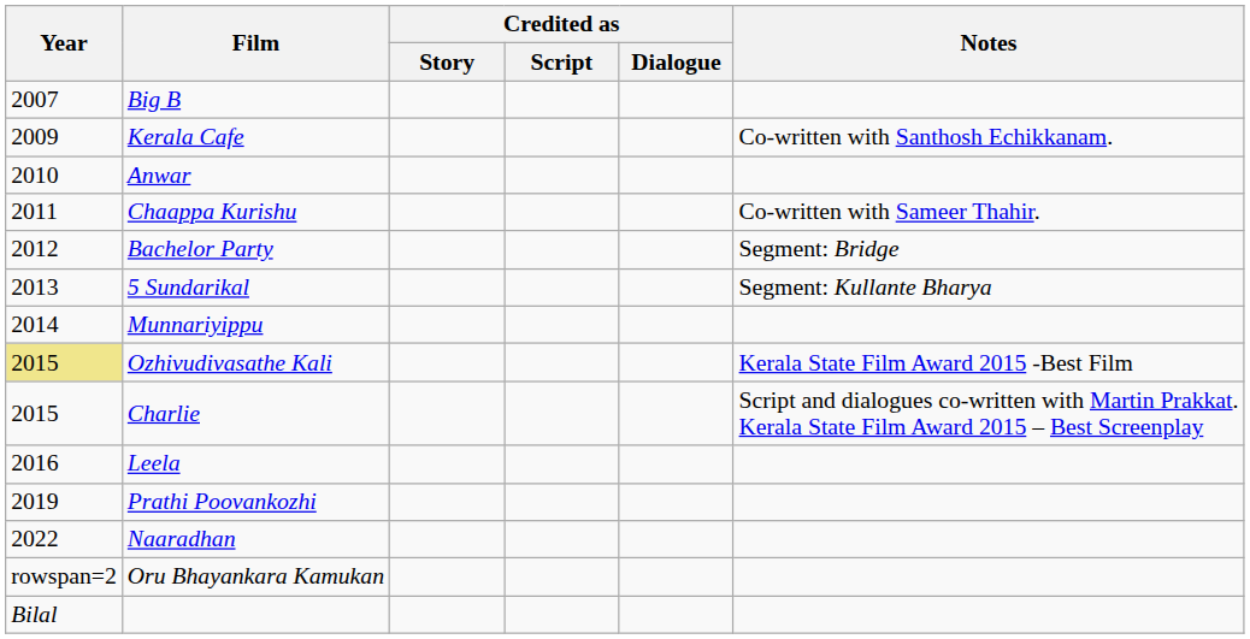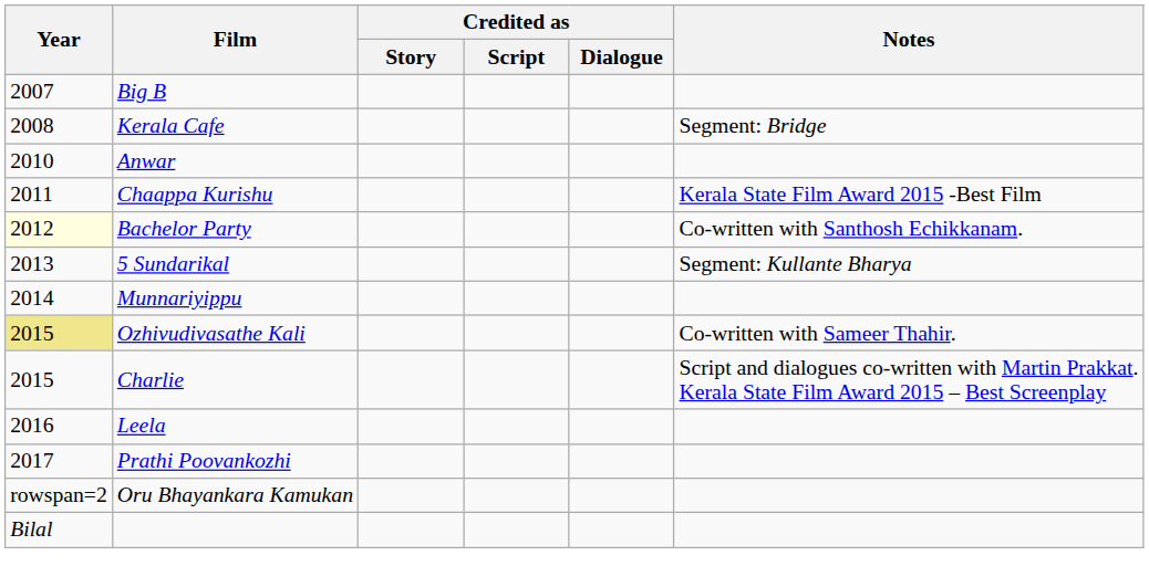 <table class="wikitable">
 <tr>
 <th rowspan="2" width="33">Year</th>
 <th rowspan="2">Film</th>
 <th colspan="3">Credited as</th>
 <th rowspan="2">Notes</th>
 </tr>
 <tr>
 <th width=70>Story</th>
 <th width=70>Script</th>
 <th width=70>Dialogue</th>
 </tr>
 <tr>
 <td>2007</td>
 <td><em><a href='#'>Big B</a></em></td>
 <td></td>
 <td></td>
 <td></td>
 <td></td>
 </tr>
 <tr>
-<td>2009</td>
+<td>2008</td>
 <td><em><a href='#'>Kerala Cafe</a></em></td>
 <td></td>
 <td></td>
 <td></td>
-<td>Co-written with <a href='#'>Santhosh Echikkanam</a>.</td>
+<td>Segment: <em>Bridge</em></td>
 </tr>
 <tr>
 <td>2010</td>
 <td><em><a href='#'>Anwar</a></em></td>
 <td></td>
 <td></td>
 <td></td>
 <td></td>
 </tr>
 <tr>
 <td>2011</td>
 <td><em><a href='#'>Chaappa Kurishu</a></em></td>
 <td></td>
 <td></td>
 <td></td>
-<td>Co-written with <a href='#'>Sameer Thahir</a>.</td>
+<td><a href='#'>Kerala State Film Award 2015</a> -Best Film</td>
 </tr>
 <tr>
-<td>2012</td>
+<td style="background: lightyellow;">2012</td>
 <td><em><a href='#'>Bachelor Party</a></em></td>
 <td></td>
 <td></td>
 <td></td>
-<td>Segment: <em>Bridge</em></td>
+<td>Co-written with <a href='#'>Santhosh Echikkanam</a>.</td>
 </tr>
 <tr>
 <td>2013</td>
 <td><em><a href='#'>5 Sundarikal</a></em></td>
 <td></td>
 <td></td>
 <td></td>
 <td>Segment: <em>Kullante Bharya</em></td>
 </tr>
 <tr>
 <td>2014</td>
 <td><em><a href='#'>Munnariyippu</a></em></td>
 <td></td>
 <td></td>
 <td></td>
 <td></td>
 </tr>
 <tr>
 <td style="background: khaki;">2015</td>
 <td><em><a href='#'>Ozhivudivasathe Kali</a></em></td>
 <td></td>
 <td></td>
 <td></td>
-<td><a href='#'>Kerala State Film Award 2015</a> -Best Film</td>
+<td>Co-written with <a href='#'>Sameer Thahir</a>.</td>
 </tr>
 <tr>
 <td>2015</td>
 <td><em><a href='#'>Charlie</a></em></td>
 <td></td>
 <td></td>
 <td></td>
 <td>Script and dialogues co-written with <a href='#'>Martin Prakkat</a>.<br><a href='#'>Kerala State Film Award 2015</a> – <a href='#'>Best Screenplay</a></td>
 </tr>
 <tr>
 <td>2016</td>
 <td><em><a href='#'>Leela</a></em></td>
 <td></td>
 <td></td>
 <td></td>
 <td></td>
 </tr>
 <tr>
-<td>2019</td>
+<td>2017</td>
 <td><em><a href='#'>Prathi Poovankozhi</a></em></td>
-<td></td>
-<td></td>
-<td></td>
-<td></td>
-</tr>
-<tr>
-<td>2022</td>
-<td><em><a href='#'>Naaradhan</a></em></td>
 <td></td>
 <td></td>
 <td></td>
 <td></td>
 </tr>
 <tr>
 <td>rowspan=2 </td>
 <td><em>Oru Bhayankara Kamukan</em></td>
 <td></td>
 <td></td>
 <td></td>
 <td></td>
 </tr>
 <tr>
 <td><em>Bilal</em></td>
 <td></td>
 <td></td>
 <td></td>
 <td></td>
 </tr>
 </table>
